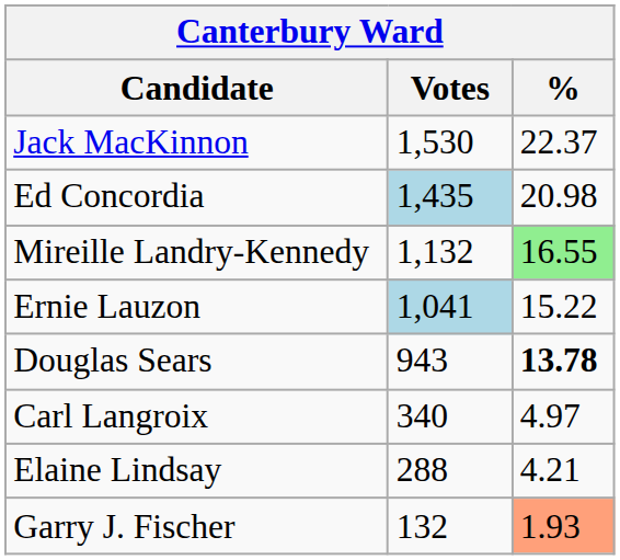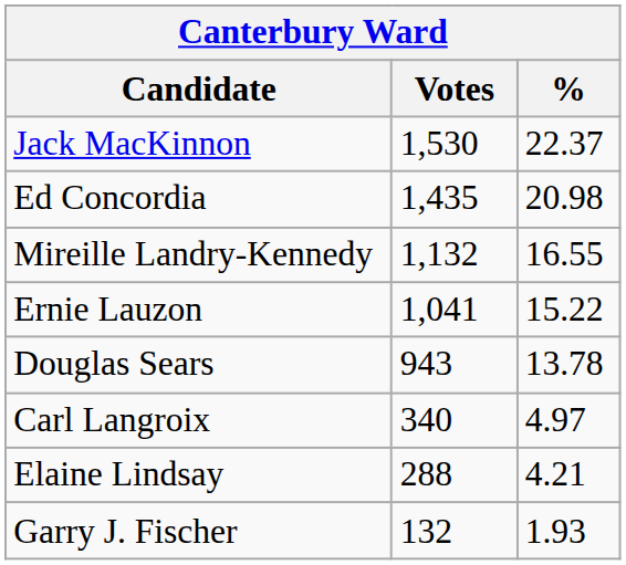 <table class="wikitable">
 <tr>
 <th colspan="3"><a href='#'>Canterbury Ward</a></th>
 </tr>
 <tr>
 <th style="width: 170px">Candidate</th>
 <th style="width: 50px">Votes</th>
 <th style="width: 40px">%</th>
 </tr>
 <tr>
 <td><a href='#'>Jack MacKinnon</a></td>
 <td>1,530</td>
 <td>22.37</td>
 </tr>
 <tr>
 <td>Ed Concordia</td>
-<td style="background: lightblue;">1,435</td>
+<td>1,435</td>
 <td>20.98</td>
 </tr>
 <tr>
 <td>Mireille Landry-Kennedy</td>
 <td>1,132</td>
-<td style="background: lightgreen;">16.55</td>
+<td>16.55</td>
 </tr>
 <tr>
 <td>Ernie Lauzon</td>
-<td style="background: lightblue;">1,041</td>
+<td>1,041</td>
 <td>15.22</td>
 </tr>
 <tr>
 <td>Douglas Sears</td>
 <td>943</td>
-<td><strong>13.78</strong></td>
+<td>13.78</td>
 </tr>
 <tr>
 <td>Carl Langroix</td>
 <td>340</td>
 <td>4.97</td>
 </tr>
 <tr>
 <td>Elaine Lindsay</td>
 <td>288</td>
 <td>4.21</td>
 </tr>
 <tr>
 <td>Garry J. Fischer</td>
 <td>132</td>
-<td style="background: lightsalmon;">1.93</td>
+<td>1.93</td>
 </tr>
 </table>
